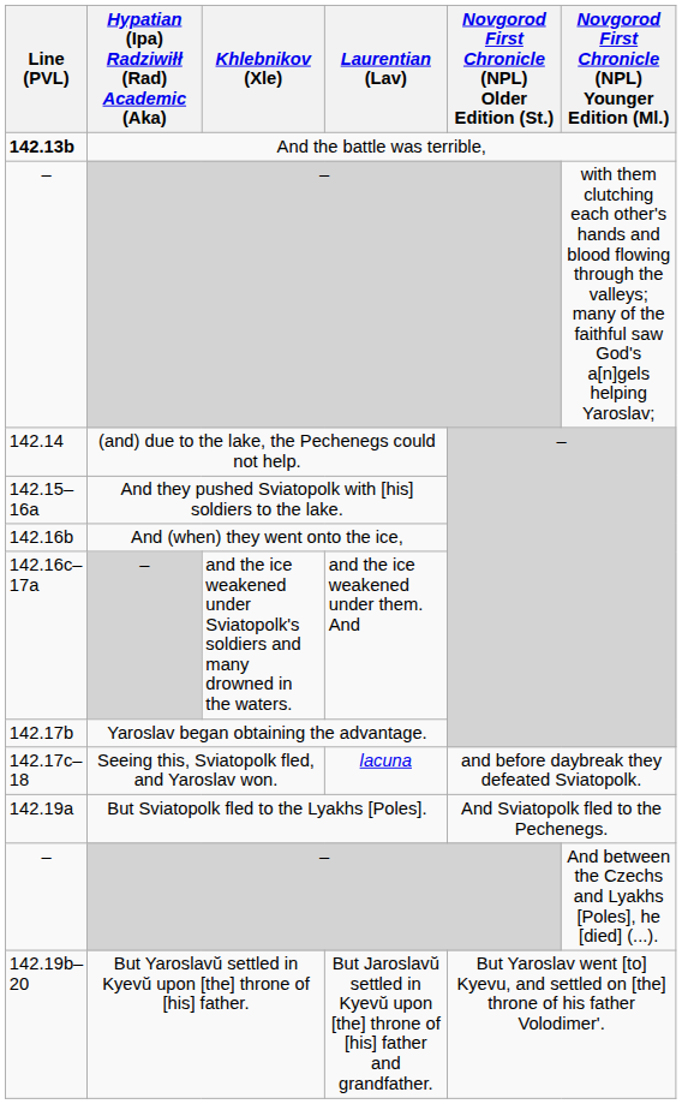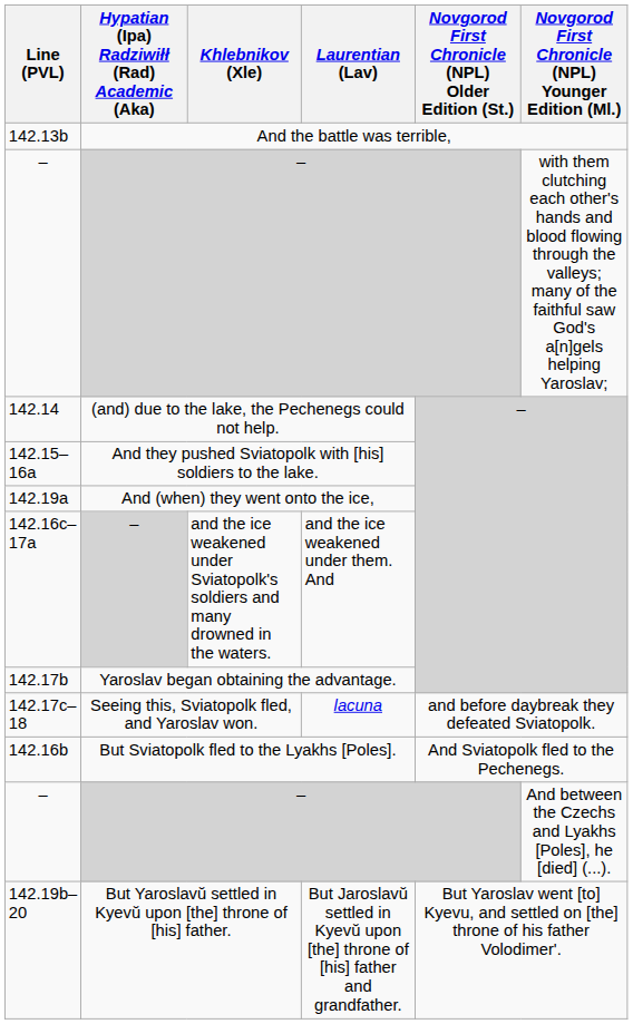 <table class="wikitable mw-collapsible">
 <tr>
 <th style=max-width:2em>Line (PVL)</th>
 <th style="width: 150px;"><em><a href='#'>Hypatian</a></em> (Ipa)<br><em><a href='#'>Radziwiłł</a></em> (Rad)<br><em><a href='#'>Academic</a></em> (Aka)</th>
 <th style="width: 150px;"><em><a href='#'>Khlebnikov</a></em> (Xle)</th>
 <th style="width: 150px;"><em><a href='#'>Laurentian</a></em> (Lav)</th>
 <th style="width: 150px;"><em><a href='#'>Novgorod First Chronicle</a></em> (NPL)<br>Older Edition (St.)</th>
 <th style="width: 150px;"><em><a href='#'>Novgorod First Chronicle</a></em> (NPL)<br>Younger Edition (Ml.)</th>
 </tr>
 <tr valign="top">
-<td><strong>142.13b</strong></td>
+<td>142.13b</td>
 <td colspan=5 align=center>And the battle was terrible,</td>
 </tr>
 <tr valign="top">
 <td align=center>–</td>
 <td colspan=4 align=center bgcolor=lightgrey>–</td>
 <td align=center>with them clutching each other's hands and blood flowing through the valleys; many of the faithful saw God's a[n]gels helping Yaroslav;</td>
 </tr>
 <tr valign="top">
 <td>142.14</td>
 <td colspan=3 align=center>(and) due to the lake, the Pechenegs could not help.</td>
 <td colspan=2 rowspan=5 align=center bgcolor=lightgrey>–</td>
 </tr>
 <tr valign="top">
 <td>142.15–16a</td>
 <td colspan=3 align=center>And they pushed Sviatopolk with [his] soldiers to the lake.</td>
 </tr>
 <tr valign="top">
-<td>142.16b</td>
+<td>142.19a</td>
 <td colspan=3 align=center>And (when) they went onto the ice,</td>
 </tr>
 <tr valign="top">
 <td>142.16c–<br>17a</td>
 <td align=center bgcolor=lightgrey>–</td>
 <td>and the ice weakened under Sviatopolk's soldiers and many drowned in the waters.</td>
 <td>and the ice weakened under them. And</td>
 </tr>
 <tr valign="top">
 <td>142.17b</td>
 <td colspan=3 align=center>Yaroslav began obtaining the advantage.</td>
 </tr>
 <tr valign="top">
 <td>142.17c–18</td>
 <td colspan=2 align=center>Seeing this, Sviatopolk fled, and Yaroslav won.</td>
 <td align=center><a href='#'><em>lacuna</em></a></td>
 <td colspan=2 align=center>and before daybreak they defeated Sviatopolk.</td>
 </tr>
 <tr valign="top">
-<td>142.19a</td>
+<td>142.16b</td>
 <td colspan=3 align=center>But Sviatopolk fled to the Lyakhs [Poles].</td>
 <td colspan=2 align=center>And Sviatopolk fled to the Pechenegs.</td>
 </tr>
 <tr valign="top">
 <td align=center>–</td>
 <td colspan=4 align=center bgcolor=lightgrey>–</td>
 <td align=center>And between the Czechs and Lyakhs [Poles], he [died] (...).</td>
 </tr>
 <tr valign="top">
 <td>142.19b–20</td>
 <td colspan=2 align=center>But Yaroslavŭ settled in Kyevŭ upon [the] throne of [his] father.</td>
 <td align=center>But Jaroslavŭ settled in Kyevŭ upon [the] throne of [his] father and grandfather.</td>
 <td colspan=2 align=center>But Yaroslav went [to] Kyevu, and settled on [the] throne of his father Volodimer'.</td>
 </tr>
 </table>
